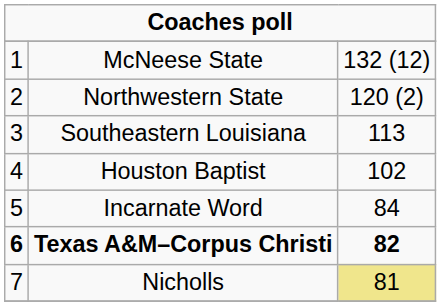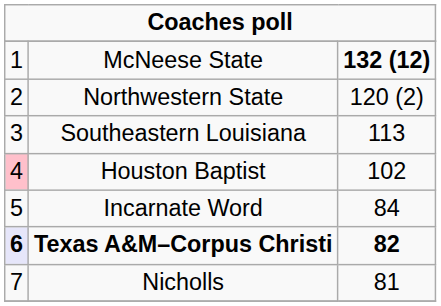 <table class="wikitable">
 <tr align="center">
 <td align="center" Colspan="3"><strong>Coaches poll</strong></td>
 </tr>
 <tr align="center">
 </tr>
 <tr align="center">
 <td>1</td>
 <td>McNeese State</td>
-<td>132 (12)</td>
+<td><strong>132 (12)</strong></td>
 </tr>
 <tr align="center">
 <td>2</td>
 <td>Northwestern State</td>
 <td>120 (2)</td>
 </tr>
 <tr align="center">
 <td>3</td>
 <td>Southeastern Louisiana</td>
 <td>113</td>
 </tr>
 <tr align="center">
-<td>4</td>
+<td style="background: pink;">4</td>
 <td>Houston Baptist</td>
 <td>102</td>
 </tr>
 <tr align="center">
 <td>5</td>
 <td>Incarnate Word</td>
 <td>84</td>
 </tr>
 <tr align="center">
-<td><strong>6</strong></td>
+<td style="background: lavender;"><strong>6</strong></td>
 <td><strong>Texas A&M–Corpus Christi</strong></td>
 <td><strong>82</strong></td>
 </tr>
 <tr align="center">
 <td>7</td>
 <td>Nicholls</td>
-<td style="background: khaki;">81</td>
+<td>81</td>
 </tr>
 <tr align="center">
 </tr>
 </table>
